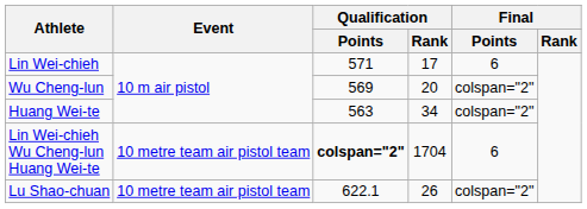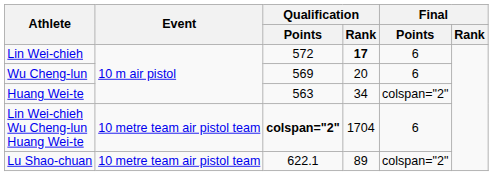 <table class="wikitable" style="font-size:90%; text-align:center">
 <tr>
 <th rowspan="2">Athlete</th>
 <th rowspan="2">Event</th>
 <th colspan="2">Qualification</th>
 <th colspan="2">Final</th>
 </tr>
 <tr>
 <th>Points</th>
 <th>Rank</th>
 <th>Points</th>
 <th>Rank</th>
 </tr>
 <tr>
 <td align="left"><a href='#'>Lin Wei-chieh</a></td>
 <td align="left" rowspan="3"><a href='#'>10 m air pistol</a></td>
-<td>571</td>
-<td>17</td>
+<td>572</td>
+<td><strong>17</strong></td>
 <td>6</td>
 </tr>
 <tr>
 <td align="left"><a href='#'>Wu Cheng-lun</a></td>
 <td>569</td>
 <td>20</td>
-<td>colspan="2" </td>
+<td>6</td>
 </tr>
 <tr>
 <td align="left"><a href='#'>Huang Wei-te</a></td>
 <td>563</td>
 <td>34</td>
 <td>colspan="2" </td>
 </tr>
 <tr>
 <td align="left"><a href='#'>Lin Wei-chieh</a><br><a href='#'>Wu Cheng-lun</a><br><a href='#'>Huang Wei-te</a></td>
 <td align="left"><a href='#'>10 metre team air pistol team</a></td>
 <td><strong>colspan="2" </strong></td>
 <td>1704</td>
 <td>6</td>
 </tr>
 <tr>
 <td align="left"><a href='#'>Lu Shao-chuan</a></td>
 <td align="left"><a href='#'>10 metre team air pistol team</a></td>
 <td>622.1</td>
-<td>26</td>
+<td>89</td>
 <td>colspan="2" </td>
 </tr>
 </table>
